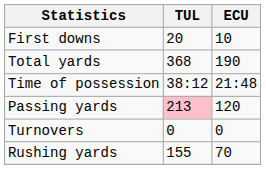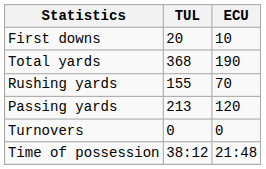 <table class="wikitable" style="float: left;">
 <tr>
 <th>Statistics</th>
 <th>TUL</th>
 <th>ECU</th>
 </tr>
 <tr>
 <td>First downs</td>
 <td>20</td>
 <td>10</td>
 </tr>
 <tr>
 <td>Total yards</td>
 <td>368</td>
 <td>190</td>
 </tr>
 <tr>
-<td>Time of possession</td>
-<td>38:12</td>
-<td>21:48</td>
+<td>Rushing yards</td>
+<td>155</td>
+<td>70</td>
 </tr>
 <tr>
 <td>Passing yards</td>
-<td style="background: pink;">213</td>
+<td>213</td>
 <td>120</td>
 </tr>
 <tr>
 <td>Turnovers</td>
 <td>0</td>
 <td>0</td>
 </tr>
 <tr>
-<td>Rushing yards</td>
-<td>155</td>
-<td>70</td>
+<td>Time of possession</td>
+<td>38:12</td>
+<td>21:48</td>
 </tr>
 <tr>
 </tr>
 </table>
